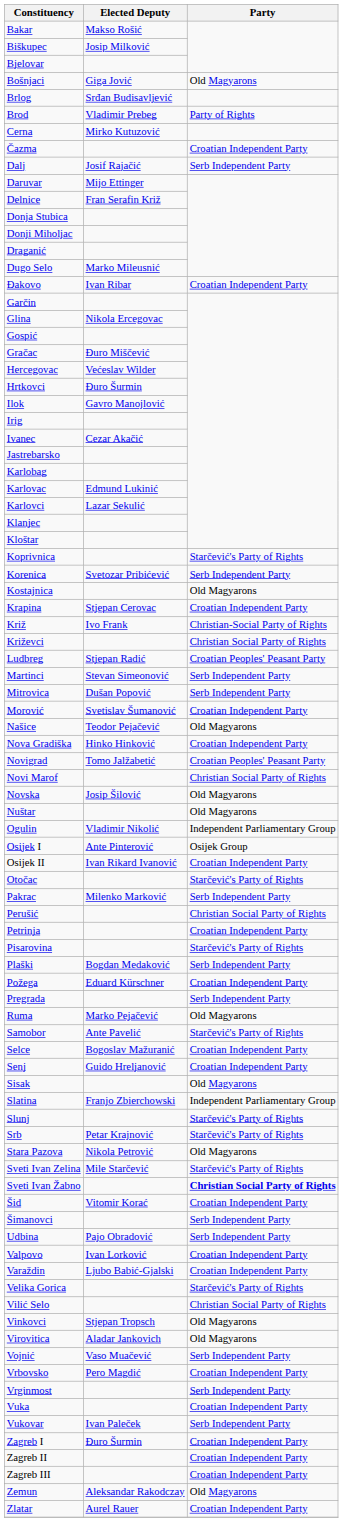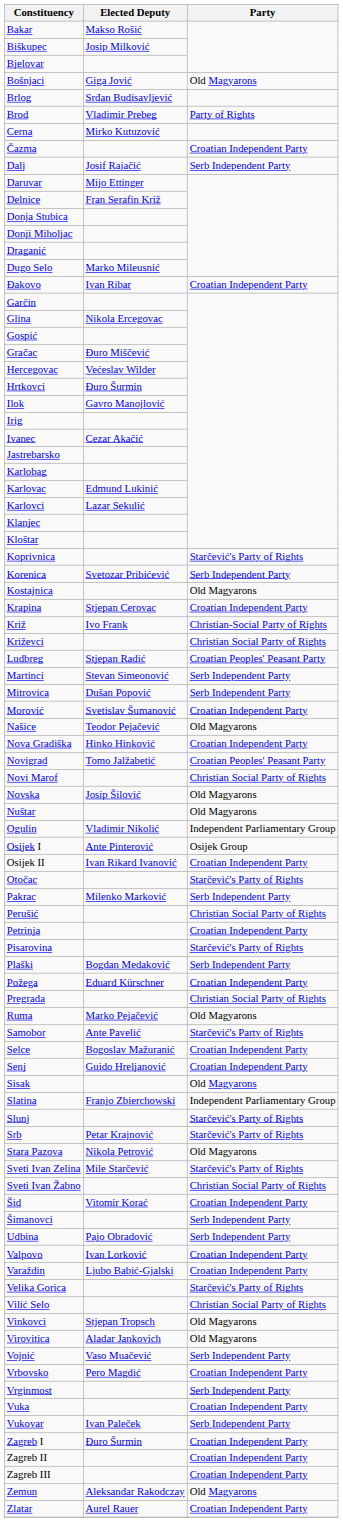 <table class="wikitable">
 <tr style="background: #efefef;">
 <th scope="col">Constituency</th>
 <th scope="col">Elected Deputy</th>
 <th scope="col">Party</th>
 </tr>
 <tr>
 <td rowspan=1><a href='#'>Bakar</a></td>
 <td><a href='#'>Makso Rošić</a></td>
 </tr>
 <tr>
 <td rowspan=1><a href='#'>Biškupec</a></td>
 <td><a href='#'>Josip Milković</a></td>
 </tr>
 <tr>
 <td rowspan=1><a href='#'>Bjelovar</a></td>
 <td></td>
 </tr>
 <tr>
 <td rowspan=1><a href='#'>Bošnjaci</a></td>
 <td><a href='#'>Giga Jović</a></td>
 <td>Old <a href='#'>Magyarons</a></td>
 </tr>
 <tr>
 <td rowspan=1><a href='#'>Brlog</a></td>
 <td><a href='#'>Srđan Budisavljević</a></td>
 </tr>
 <tr>
 <td rowspan=1><a href='#'>Brod</a></td>
 <td><a href='#'>Vladimir Prebeg</a></td>
 <td><a href='#'>Party of Rights</a></td>
 </tr>
 <tr>
 <td rowspan=1><a href='#'>Cerna</a></td>
 <td><a href='#'>Mirko Kutuzović</a></td>
 </tr>
 <tr>
 <td rowspan=1><a href='#'>Čazma</a></td>
 <td></td>
 <td><a href='#'>Croatian Independent Party</a></td>
 </tr>
 <tr>
 <td rowspan=1><a href='#'>Dalj</a></td>
 <td><a href='#'>Josif Rajačić</a></td>
 <td><a href='#'>Serb Independent Party</a></td>
 </tr>
 <tr>
 <td rowspan=1><a href='#'>Daruvar</a></td>
 <td><a href='#'>Mijo Ettinger</a></td>
 </tr>
 <tr>
 <td rowspan=1><a href='#'>Delnice</a></td>
 <td><a href='#'>Fran Serafin Križ</a></td>
 </tr>
 <tr>
 <td rowspan=1><a href='#'>Donja Stubica</a></td>
 <td></td>
 </tr>
 <tr>
 <td rowspan=1><a href='#'>Donji Miholjac</a></td>
 <td></td>
 </tr>
 <tr>
 <td rowspan=1><a href='#'>Draganić</a></td>
 <td></td>
 </tr>
 <tr>
 <td rowspan=1><a href='#'>Dugo Selo</a></td>
 <td><a href='#'>Marko Mileusnić</a></td>
 </tr>
 <tr>
 <td rowspan=1><a href='#'>Đakovo</a></td>
 <td><a href='#'>Ivan Ribar</a></td>
 <td><a href='#'>Croatian Independent Party</a></td>
 </tr>
 <tr>
 <td rowspan=1><a href='#'>Garčin</a></td>
 <td></td>
 </tr>
 <tr>
 <td rowspan=1><a href='#'>Glina</a></td>
 <td><a href='#'>Nikola Ercegovac</a></td>
 </tr>
 <tr>
 <td rowspan=1><a href='#'>Gospić</a></td>
 <td></td>
 </tr>
 <tr>
 <td rowspan=1><a href='#'>Gračac</a></td>
 <td><a href='#'>Đuro Miščević</a></td>
 </tr>
 <tr>
 <td rowspan=1><a href='#'>Hercegovac</a></td>
 <td><a href='#'>Većeslav Wilder</a></td>
 </tr>
 <tr>
 <td rowspan=1><a href='#'>Hrtkovci</a></td>
 <td><a href='#'>Đuro Šurmin</a></td>
 </tr>
 <tr>
 <td rowspan=1><a href='#'>Ilok</a></td>
 <td><a href='#'>Gavro Manojlović</a></td>
 </tr>
 <tr>
 <td rowspan=1><a href='#'>Irig</a></td>
 <td></td>
 </tr>
 <tr>
 <td rowspan=1><a href='#'>Ivanec</a></td>
 <td><a href='#'>Cezar Akačić</a></td>
 </tr>
 <tr>
 <td rowspan=1><a href='#'>Jastrebarsko</a></td>
 <td></td>
 </tr>
 <tr>
 <td rowspan=1><a href='#'>Karlobag</a></td>
 <td></td>
 </tr>
 <tr>
 <td rowspan=1><a href='#'>Karlovac</a></td>
 <td><a href='#'>Edmund Lukinić</a></td>
 </tr>
 <tr>
 <td rowspan=1><a href='#'>Karlovci</a></td>
 <td><a href='#'>Lazar Sekulić</a></td>
 </tr>
 <tr>
 <td rowspan=1><a href='#'>Klanjec</a></td>
 <td></td>
 </tr>
 <tr>
 <td rowspan=1><a href='#'>Kloštar</a></td>
 <td></td>
 </tr>
 <tr>
 <td rowspan=1><a href='#'>Koprivnica</a></td>
 <td></td>
 <td><a href='#'>Starčević's Party of Rights</a></td>
 </tr>
 <tr>
 <td rowspan=1><a href='#'>Korenica</a></td>
 <td><a href='#'>Svetozar Pribićević</a></td>
 <td><a href='#'>Serb Independent Party</a></td>
 </tr>
 <tr>
 <td rowspan=1><a href='#'>Kostajnica</a></td>
 <td></td>
 <td>Old Magyarons</td>
 </tr>
 <tr>
 <td rowspan=1><a href='#'>Krapina</a></td>
 <td><a href='#'>Stjepan Cerovac</a></td>
 <td><a href='#'>Croatian Independent Party</a></td>
 </tr>
 <tr>
 <td rowspan=1><a href='#'>Križ</a></td>
 <td><a href='#'>Ivo Frank</a></td>
 <td><a href='#'>Christian-Social Party of Rights</a></td>
 </tr>
 <tr>
 <td rowspan=1><a href='#'>Križevci</a></td>
 <td></td>
 <td><a href='#'>Christian Social Party of Rights</a></td>
 </tr>
 <tr>
 <td rowspan=1><a href='#'>Ludbreg</a></td>
 <td><a href='#'>Stjepan Radić</a></td>
 <td><a href='#'>Croatian Peoples' Peasant Party</a></td>
 </tr>
 <tr>
 <td rowspan=1><a href='#'>Martinci</a></td>
 <td><a href='#'>Stevan Simeonović</a></td>
 <td><a href='#'>Serb Independent Party</a></td>
 </tr>
 <tr>
 <td rowspan=1><a href='#'>Mitrovica</a></td>
 <td><a href='#'>Dušan Popović</a></td>
 <td><a href='#'>Serb Independent Party</a></td>
 </tr>
 <tr>
 <td rowspan=1><a href='#'>Morović</a></td>
 <td><a href='#'>Svetislav Šumanović</a></td>
 <td><a href='#'>Croatian Independent Party</a></td>
 </tr>
 <tr>
 <td rowspan=1><a href='#'>Našice</a></td>
 <td><a href='#'>Teodor Pejačević</a></td>
 <td>Old Magyarons</td>
 </tr>
 <tr>
 <td rowspan=1><a href='#'>Nova Gradiška</a></td>
 <td><a href='#'>Hinko Hinković</a></td>
 <td><a href='#'>Croatian Independent Party</a></td>
 </tr>
 <tr>
 <td rowspan=1><a href='#'>Novigrad</a></td>
 <td><a href='#'>Tomo Jalžabetić</a></td>
 <td><a href='#'>Croatian Peoples' Peasant Party</a></td>
 </tr>
 <tr>
 <td rowspan=1><a href='#'>Novi Marof</a></td>
 <td></td>
 <td><a href='#'>Christian Social Party of Rights</a></td>
 </tr>
 <tr>
 <td rowspan=1><a href='#'>Novska</a></td>
 <td><a href='#'>Josip Šilović</a></td>
 <td>Old Magyarons</td>
 </tr>
 <tr>
 <td rowspan=1><a href='#'>Nuštar</a></td>
 <td></td>
 <td>Old Magyarons</td>
 </tr>
 <tr>
 <td rowspan=1><a href='#'>Ogulin</a></td>
 <td><a href='#'>Vladimir Nikolić</a></td>
 <td>Independent Parliamentary Group</td>
 </tr>
 <tr>
 <td rowspan=1><a href='#'>Osijek</a> I</td>
 <td><a href='#'>Ante Pinterović</a></td>
 <td>Osijek Group</td>
 </tr>
 <tr>
 <td rowspan=1>Osijek II</td>
 <td><a href='#'>Ivan Rikard Ivanović</a></td>
 <td><a href='#'>Croatian Independent Party</a></td>
 </tr>
 <tr>
 <td rowspan=1><a href='#'>Otočac</a></td>
 <td></td>
 <td><a href='#'>Starčević's Party of Rights</a></td>
 </tr>
 <tr>
 <td rowspan=1><a href='#'>Pakrac</a></td>
 <td><a href='#'>Milenko Marković</a></td>
 <td><a href='#'>Serb Independent Party</a></td>
 </tr>
 <tr>
 <td rowspan=1><a href='#'>Perušić</a></td>
 <td></td>
 <td><a href='#'>Christian Social Party of Rights</a></td>
 </tr>
 <tr>
 <td rowspan=1><a href='#'>Petrinja</a></td>
 <td></td>
 <td><a href='#'>Croatian Independent Party</a></td>
 </tr>
 <tr>
 <td rowspan=1><a href='#'>Pisarovina</a></td>
 <td></td>
 <td><a href='#'>Starčević's Party of Rights</a></td>
 </tr>
 <tr>
 <td rowspan=1><a href='#'>Plaški</a></td>
 <td><a href='#'>Bogdan Medaković</a></td>
 <td><a href='#'>Serb Independent Party</a></td>
 </tr>
 <tr>
 <td rowspan=1><a href='#'>Požega</a></td>
 <td><a href='#'>Eduard Kürschner</a></td>
 <td><a href='#'>Croatian Independent Party</a></td>
 </tr>
 <tr>
 <td rowspan=1><a href='#'>Pregrada</a></td>
 <td></td>
-<td><a href='#'>Serb Independent Party</a></td>
+<td><a href='#'>Christian Social Party of Rights</a></td>
 </tr>
 <tr>
 <td rowspan=1><a href='#'>Ruma</a></td>
 <td><a href='#'>Marko Pejačević</a></td>
 <td>Old Magyarons</td>
 </tr>
 <tr>
 <td rowspan=1><a href='#'>Samobor</a></td>
 <td><a href='#'>Ante Pavelić</a></td>
 <td><a href='#'>Starčević's Party of Rights</a></td>
 </tr>
 <tr>
 <td rowspan=1><a href='#'>Selce</a></td>
 <td><a href='#'>Bogoslav Mažuranić</a></td>
 <td><a href='#'>Croatian Independent Party</a></td>
 </tr>
 <tr>
 <td rowspan=1><a href='#'>Senj</a></td>
 <td><a href='#'>Guido Hreljanović</a></td>
 <td><a href='#'>Croatian Independent Party</a></td>
 </tr>
 <tr>
 <td rowspan=1><a href='#'>Sisak</a></td>
 <td></td>
 <td>Old <a href='#'>Magyarons</a></td>
 </tr>
 <tr>
 <td rowspan=1><a href='#'>Slatina</a></td>
 <td><a href='#'>Franjo Zbierchowski</a></td>
 <td>Independent Parliamentary Group</td>
 </tr>
 <tr>
 <td rowspan=1><a href='#'>Slunj</a></td>
 <td></td>
 <td><a href='#'>Starčević's Party of Rights</a></td>
 </tr>
 <tr>
 <td rowspan=1><a href='#'>Srb</a></td>
 <td><a href='#'>Petar Krajnović</a></td>
 <td><a href='#'>Starčević's Party of Rights</a></td>
 </tr>
 <tr>
 <td rowspan=1><a href='#'>Stara Pazova</a></td>
 <td><a href='#'>Nikola Petrović</a></td>
 <td>Old Magyarons</td>
 </tr>
 <tr>
 <td rowspan=1><a href='#'>Sveti Ivan Zelina</a></td>
 <td><a href='#'>Mile Starčević</a></td>
 <td><a href='#'>Starčević's Party of Rights</a></td>
 </tr>
 <tr>
 <td rowspan=1><a href='#'>Sveti Ivan Žabno</a></td>
 <td></td>
-<td><strong><a href='#'>Christian Social Party of Rights</a></strong></td>
+<td><a href='#'>Christian Social Party of Rights</a></td>
 </tr>
 <tr>
 <td rowspan=1><a href='#'>Šid</a></td>
 <td><a href='#'>Vitomir Korać</a></td>
 <td><a href='#'>Croatian Independent Party</a></td>
 </tr>
 <tr>
 <td rowspan=1><a href='#'>Šimanovci</a></td>
 <td></td>
 <td><a href='#'>Serb Independent Party</a></td>
 </tr>
 <tr>
 <td rowspan=1><a href='#'>Udbina</a></td>
 <td><a href='#'>Pajo Obradović</a></td>
 <td><a href='#'>Serb Independent Party</a></td>
 </tr>
 <tr>
 <td rowspan=1><a href='#'>Valpovo</a></td>
 <td><a href='#'>Ivan Lorković</a></td>
 <td><a href='#'>Croatian Independent Party</a></td>
 </tr>
 <tr>
 <td rowspan=1><a href='#'>Varaždin</a></td>
 <td><a href='#'>Ljubo Babić-Gjalski</a></td>
 <td><a href='#'>Croatian Independent Party</a></td>
 </tr>
 <tr>
 <td rowspan=1><a href='#'>Velika Gorica</a></td>
 <td></td>
 <td><a href='#'>Starčević's Party of Rights</a></td>
 </tr>
 <tr>
 <td rowspan=1><a href='#'>Vilić Selo</a></td>
 <td></td>
 <td><a href='#'>Christian Social Party of Rights</a></td>
 </tr>
 <tr>
 <td rowspan=1><a href='#'>Vinkovci</a></td>
 <td><a href='#'>Stjepan Tropsch</a></td>
 <td>Old Magyarons</td>
 </tr>
 <tr>
 <td rowspan=1><a href='#'>Virovitica</a></td>
 <td><a href='#'>Aladar Jankovich</a></td>
 <td>Old Magyarons</td>
 </tr>
 <tr>
 <td rowspan=1><a href='#'>Vojnić</a></td>
 <td><a href='#'>Vaso Muačević</a></td>
 <td><a href='#'>Serb Independent Party</a></td>
 </tr>
 <tr>
 <td rowspan=1><a href='#'>Vrbovsko</a></td>
 <td><a href='#'>Pero Magdić</a></td>
 <td><a href='#'>Croatian Independent Party</a></td>
 </tr>
 <tr>
 <td rowspan=1><a href='#'>Vrginmost</a></td>
 <td></td>
 <td><a href='#'>Serb Independent Party</a></td>
 </tr>
 <tr>
 <td rowspan=1><a href='#'>Vuka</a></td>
 <td></td>
 <td><a href='#'>Croatian Independent Party</a></td>
 </tr>
 <tr>
 <td rowspan=1><a href='#'>Vukovar</a></td>
 <td><a href='#'>Ivan Paleček</a></td>
 <td><a href='#'>Serb Independent Party</a></td>
 </tr>
 <tr>
 <td rowspan=1><a href='#'>Zagreb</a> I</td>
 <td><a href='#'>Đuro Šurmin</a></td>
 <td><a href='#'>Croatian Independent Party</a></td>
 </tr>
 <tr>
 <td rowspan=1>Zagreb II</td>
 <td></td>
 <td><a href='#'>Croatian Independent Party</a></td>
 </tr>
 <tr>
 <td rowspan=1>Zagreb III</td>
 <td></td>
 <td><a href='#'>Croatian Independent Party</a></td>
 </tr>
 <tr>
 <td rowspan=1><a href='#'>Zemun</a></td>
 <td><a href='#'>Aleksandar Rakodczay</a></td>
 <td>Old <a href='#'>Magyarons</a></td>
 </tr>
 <tr>
 <td rowspan=1><a href='#'>Zlatar</a></td>
 <td><a href='#'>Aurel Rauer</a></td>
 <td><a href='#'>Croatian Independent Party</a></td>
 </tr>
 <tr>
 </tr>
 </table>
